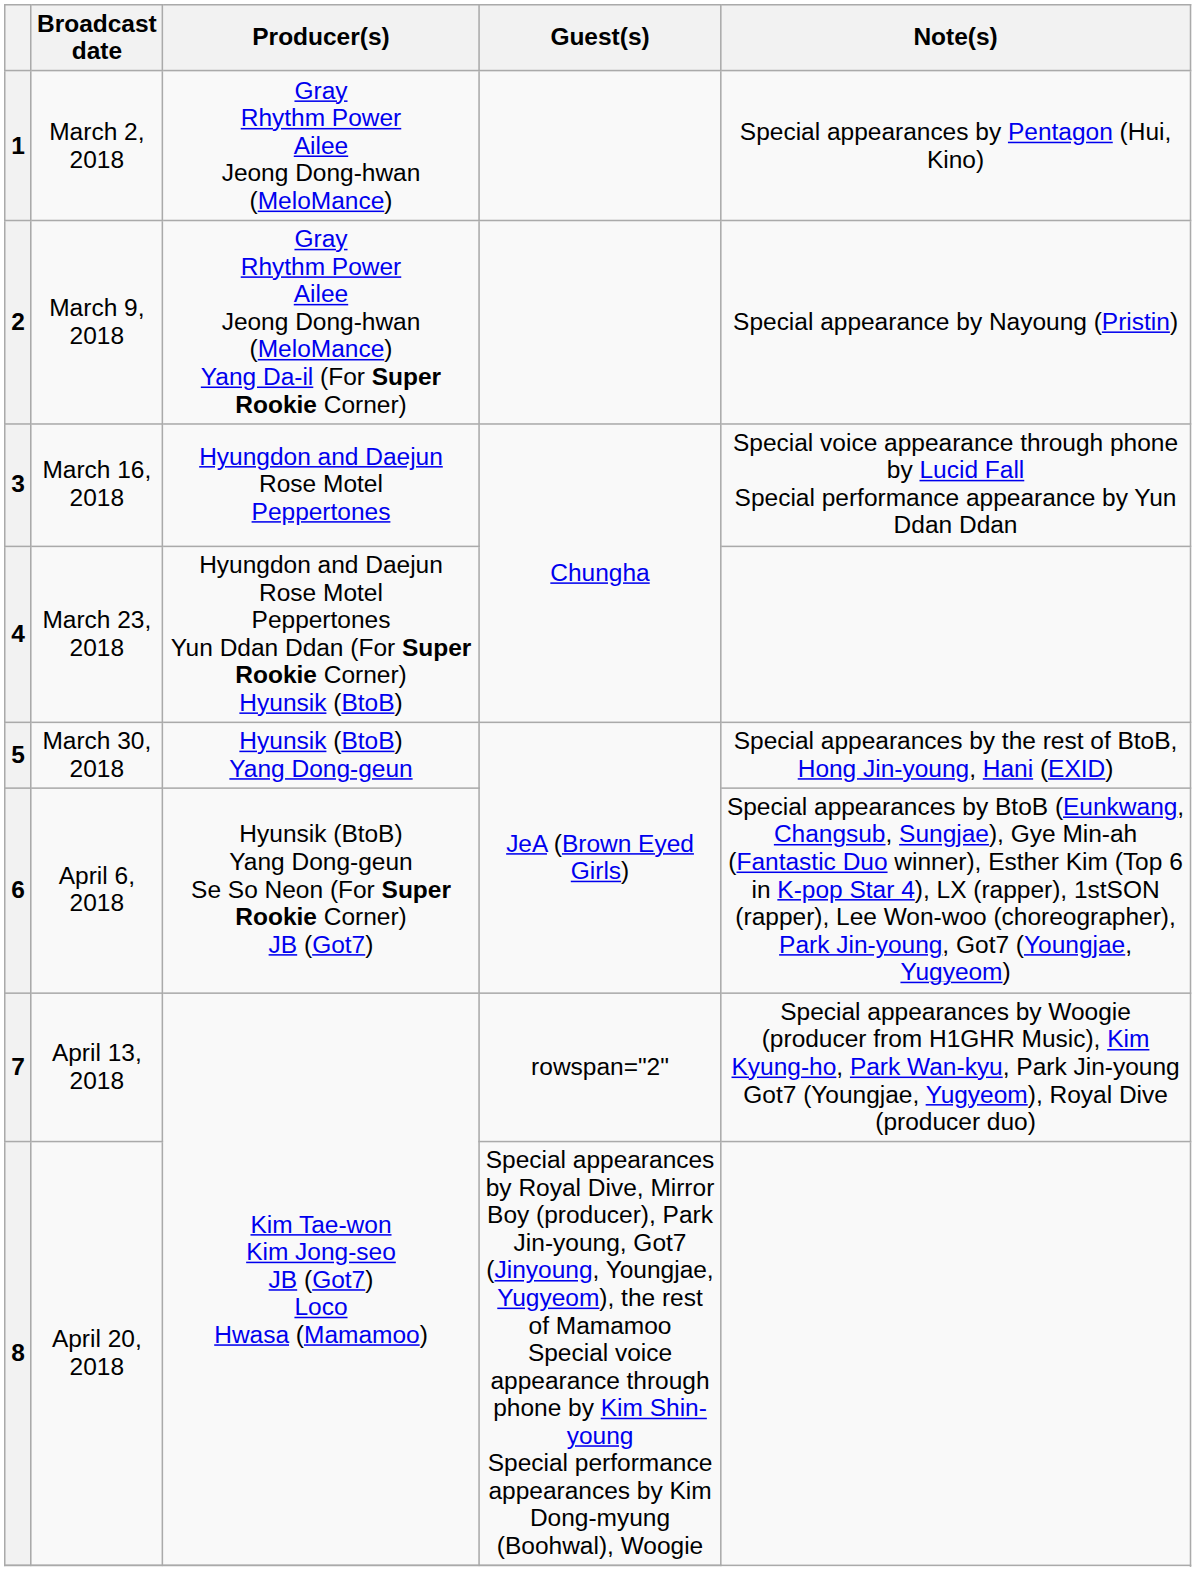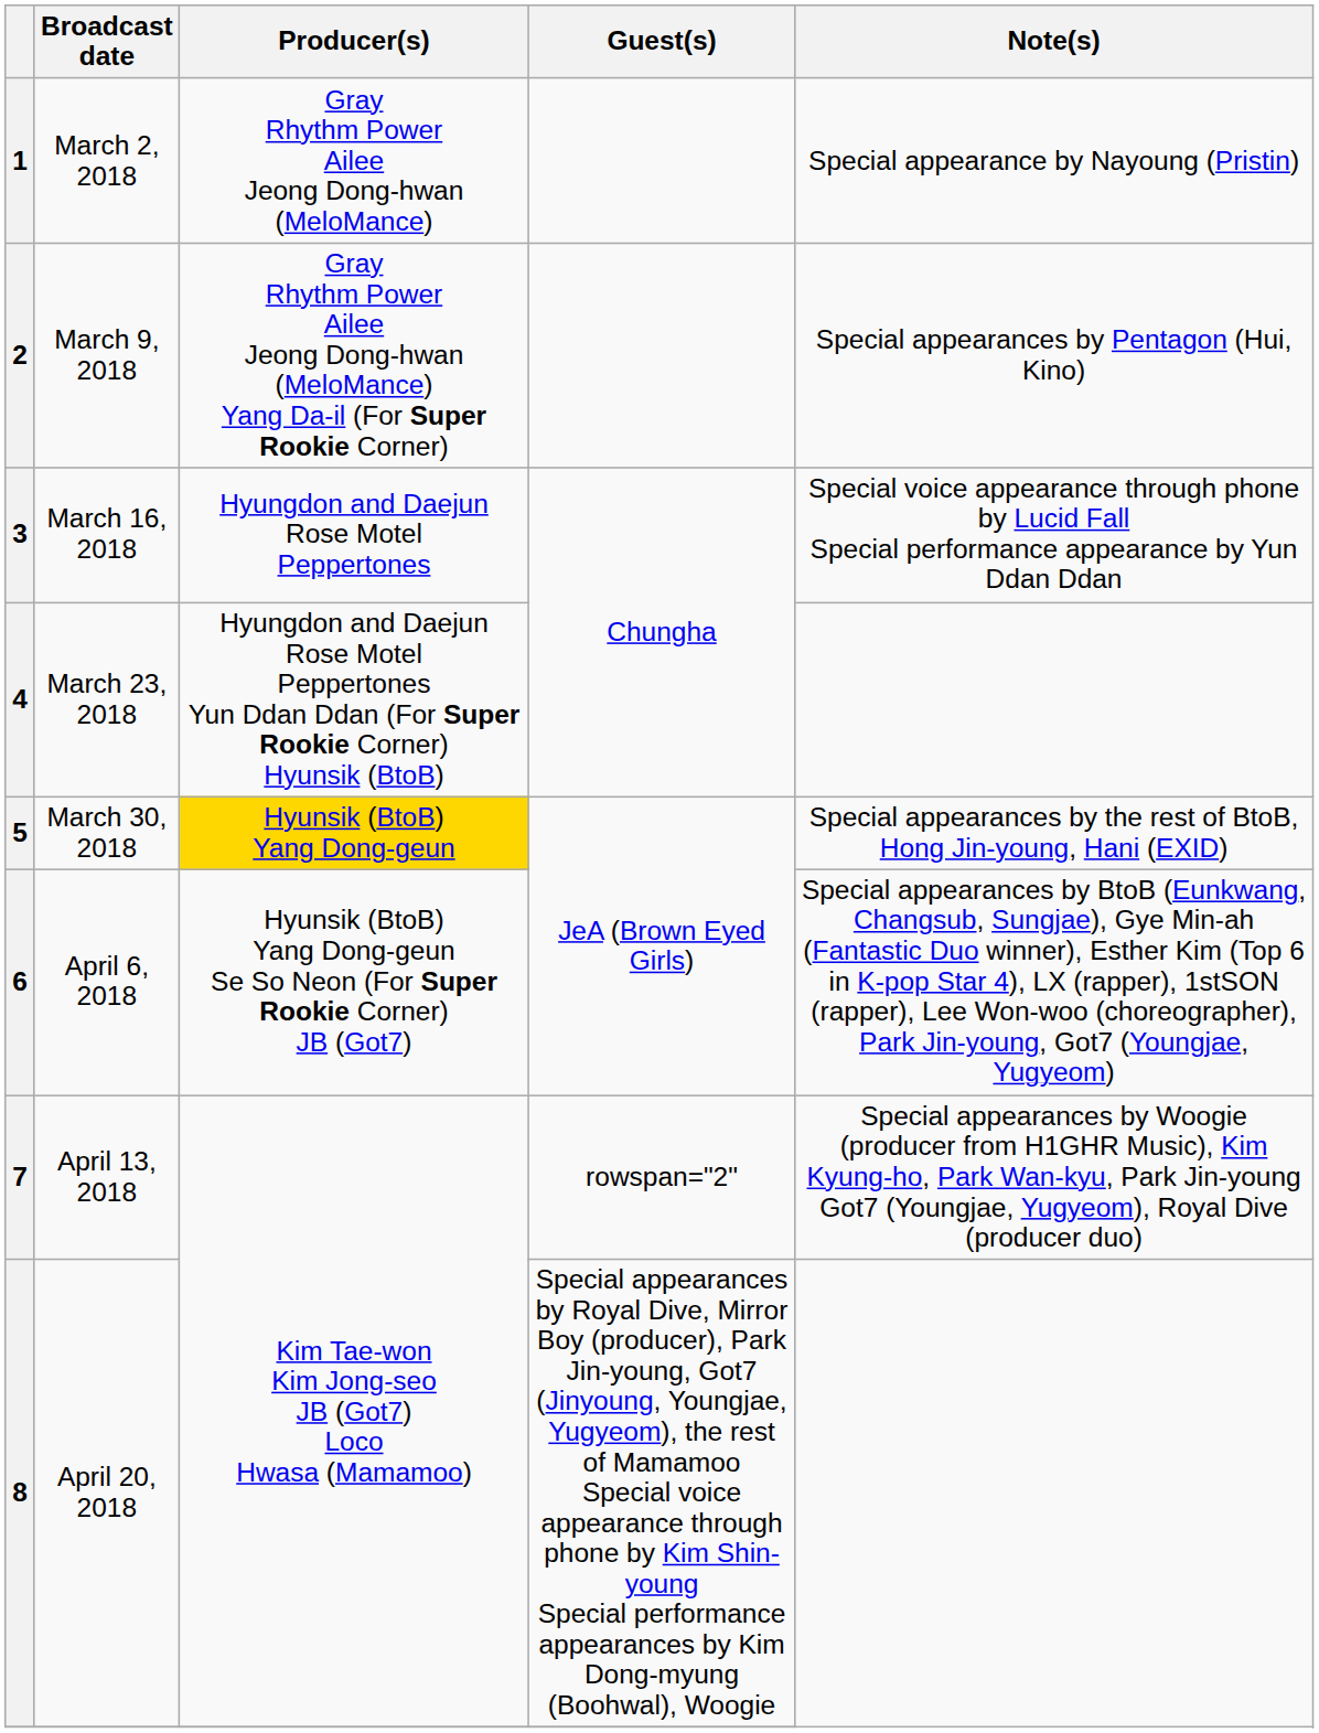 <table Class ="wikitable sortable" style="text-align:center">
 <tr>
 <th style="width:10px"></th>
 <th style="width:20px">Broadcast date</th>
 <th style="width:200px">Producer(s)</th>
 <th style="width:150px">Guest(s)</th>
 <th style="width:300px">Note(s)</th>
 </tr>
 <tr>
 <th>1</th>
 <td>March 2, 2018</td>
 <td><a href='#'>Gray</a><br><a href='#'>Rhythm Power</a><br><a href='#'>Ailee</a><br>Jeong Dong-hwan (<a href='#'>MeloMance</a>)</td>
 <td></td>
-<td>Special appearances by <a href='#'>Pentagon</a> (Hui, Kino)</td>
+<td>Special appearance by Nayoung (<a href='#'>Pristin</a>)</td>
 </tr>
 <tr>
 <th>2</th>
 <td>March 9, 2018</td>
 <td><a href='#'>Gray</a><br><a href='#'>Rhythm Power</a><br><a href='#'>Ailee</a><br>Jeong Dong-hwan (<a href='#'>MeloMance</a>)<br><a href='#'>Yang Da-il</a> (For <strong>Super Rookie</strong> Corner)</td>
 <td></td>
-<td>Special appearance by Nayoung (<a href='#'>Pristin</a>)</td>
+<td>Special appearances by <a href='#'>Pentagon</a> (Hui, Kino)</td>
 </tr>
 <tr>
 <th>3</th>
 <td>March 16, 2018</td>
 <td><a href='#'>Hyungdon and Daejun</a><br>Rose Motel<br><a href='#'>Peppertones</a></td>
 <td rowspan="2"><a href='#'>Chungha</a></td>
 <td>Special voice appearance through phone by <a href='#'>Lucid Fall</a><br>Special performance appearance by Yun Ddan Ddan</td>
 </tr>
 <tr>
 <th>4</th>
 <td>March 23, 2018</td>
 <td>Hyungdon and Daejun<br>Rose Motel<br>Peppertones<br>Yun Ddan Ddan (For <strong>Super Rookie</strong> Corner)<br><a href='#'>Hyunsik</a> (<a href='#'>BtoB</a>)</td>
 <td></td>
 </tr>
 <tr>
 <th>5</th>
 <td>March 30, 2018</td>
-<td><a href='#'>Hyunsik</a> (<a href='#'>BtoB</a>)<br><a href='#'>Yang Dong-geun</a></td>
+<td style="background: gold;"><a href='#'>Hyunsik</a> (<a href='#'>BtoB</a>)<br><a href='#'>Yang Dong-geun</a></td>
 <td rowspan="2"><a href='#'>JeA</a> (<a href='#'>Brown Eyed Girls</a>)</td>
 <td>Special appearances by the rest of BtoB, <a href='#'>Hong Jin-young</a>, <a href='#'>Hani</a> (<a href='#'>EXID</a>)</td>
 </tr>
 <tr>
 <th>6</th>
 <td>April 6, 2018</td>
 <td>Hyunsik (BtoB)<br>Yang Dong-geun<br>Se So Neon (For <strong>Super Rookie</strong> Corner)<br><a href='#'>JB</a> (<a href='#'>Got7</a>)</td>
 <td>Special appearances by BtoB (<a href='#'>Eunkwang</a>, <a href='#'>Changsub</a>, <a href='#'>Sungjae</a>), Gye Min-ah (<a href='#'>Fantastic Duo</a> winner), Esther Kim (Top 6 in <a href='#'>K-pop Star 4</a>), LX (rapper), 1stSON (rapper), Lee Won-woo (choreographer), <a href='#'>Park Jin-young</a>, Got7 (<a href='#'>Youngjae</a>, <a href='#'>Yugyeom</a>)</td>
 </tr>
 <tr>
 <th>7</th>
 <td>April 13, 2018</td>
 <td rowspan="2"><a href='#'>Kim Tae-won</a><br><a href='#'>Kim Jong-seo</a><br><a href='#'>JB</a> (<a href='#'>Got7</a>)<br><a href='#'>Loco</a><br><a href='#'>Hwasa</a> (<a href='#'>Mamamoo</a>)</td>
 <td>rowspan="2" </td>
 <td>Special appearances by Woogie (producer from H1GHR Music), <a href='#'>Kim Kyung-ho</a>, <a href='#'>Park Wan-kyu</a>, Park Jin-young Got7 (Youngjae, <a href='#'>Yugyeom</a>), Royal Dive (producer duo)</td>
 </tr>
 <tr>
 <th>8</th>
 <td>April 20, 2018</td>
 <td>Special appearances by Royal Dive, Mirror Boy (producer), Park Jin-young, Got7 (<a href='#'>Jinyoung</a>, Youngjae, <a href='#'>Yugyeom</a>), the rest of Mamamoo<br>Special voice appearance through phone by <a href='#'>Kim Shin-young</a><br>Special performance appearances by Kim Dong-myung (Boohwal), Woogie</td>
 </tr>
 <tr>
 </tr>
 </table>
